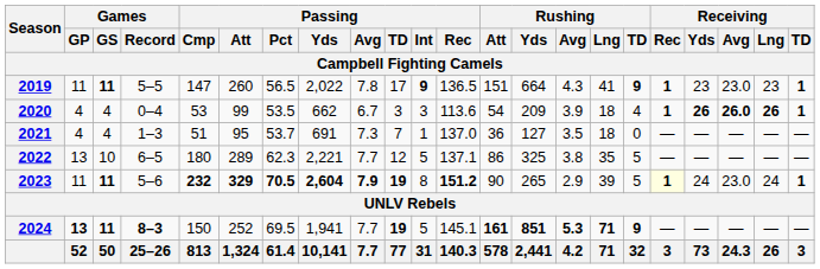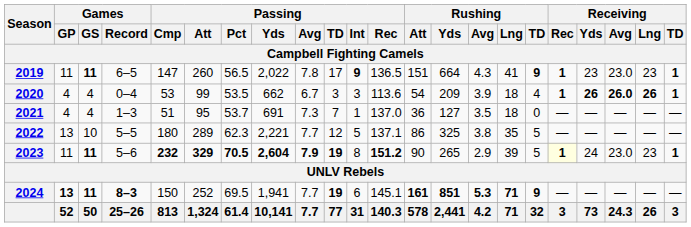 <table class="wikitable" style="text-align:center;">
 <tr>
 <th rowspan="2">Season</th>
 <th colspan="3">Games</th>
 <th colspan="8">Passing</th>
 <th colspan="5">Rushing</th>
 <th colspan="5">Receiving</th>
 </tr>
 <tr>
 <th>GP</th>
 <th>GS</th>
 <th>Record</th>
 <th>Cmp</th>
 <th>Att</th>
 <th>Pct</th>
 <th>Yds</th>
 <th>Avg</th>
 <th>TD</th>
 <th>Int</th>
 <th>Rec</th>
 <th>Att</th>
 <th>Yds</th>
 <th>Avg</th>
 <th>Lng</th>
 <th>TD</th>
 <th>Rec</th>
 <th>Yds</th>
 <th>Avg</th>
 <th>Lng</th>
 <th>TD</th>
 </tr>
 <tr>
 <th colspan="22">Campbell Fighting Camels</th>
 </tr>
 <tr>
 <th><a href='#'>2019</a></th>
 <td>11</td>
 <td><strong>11</strong></td>
-<td>5–5</td>
+<td>6–5</td>
 <td>147</td>
 <td>260</td>
 <td>56.5</td>
 <td>2,022</td>
 <td>7.8</td>
 <td>17</td>
 <td><strong>9</strong></td>
 <td>136.5</td>
 <td>151</td>
 <td>664</td>
 <td>4.3</td>
 <td>41</td>
 <td><strong>9</strong></td>
 <td><strong>1</strong></td>
 <td>23</td>
 <td>23.0</td>
 <td>23</td>
 <td><strong>1</strong></td>
 </tr>
 <tr>
 <th><a href='#'>2020</a></th>
 <td>4</td>
 <td>4</td>
 <td>0–4</td>
 <td>53</td>
 <td>99</td>
 <td>53.5</td>
 <td>662</td>
 <td>6.7</td>
 <td>3</td>
 <td>3</td>
 <td>113.6</td>
 <td>54</td>
 <td>209</td>
 <td>3.9</td>
 <td>18</td>
 <td>4</td>
 <td><strong>1</strong></td>
 <td><strong>26</strong></td>
 <td><strong>26.0</strong></td>
 <td><strong>26</strong></td>
 <td><strong>1</strong></td>
 </tr>
 <tr>
 <th><a href='#'>2021</a></th>
 <td>4</td>
 <td>4</td>
 <td>1–3</td>
 <td>51</td>
 <td>95</td>
 <td>53.7</td>
 <td>691</td>
 <td>7.3</td>
 <td>7</td>
 <td>1</td>
 <td>137.0</td>
 <td>36</td>
 <td>127</td>
 <td>3.5</td>
 <td>18</td>
 <td>0</td>
 <td>—</td>
 <td>—</td>
 <td>—</td>
 <td>—</td>
 <td>—</td>
 </tr>
 <tr>
 <th><a href='#'>2022</a></th>
 <td>13</td>
 <td>10</td>
-<td>6–5</td>
+<td>5–5</td>
 <td>180</td>
 <td>289</td>
 <td>62.3</td>
 <td>2,221</td>
 <td>7.7</td>
 <td>12</td>
 <td>5</td>
 <td>137.1</td>
 <td>86</td>
 <td>325</td>
 <td>3.8</td>
 <td>35</td>
 <td>5</td>
 <td>—</td>
 <td>—</td>
 <td>—</td>
 <td>—</td>
 <td>—</td>
 </tr>
 <tr>
 <th><a href='#'>2023</a></th>
 <td>11</td>
 <td><strong>11</strong></td>
 <td>5–6</td>
 <td><strong>232</strong></td>
 <td><strong>329</strong></td>
 <td><strong>70.5</strong></td>
 <td><strong>2,604</strong></td>
 <td><strong>7.9</strong></td>
 <td><strong>19</strong></td>
 <td>8</td>
 <td><strong>151.2</strong></td>
 <td>90</td>
 <td>265</td>
 <td>2.9</td>
 <td>39</td>
 <td>5</td>
 <td style="background: lightyellow;"><strong>1</strong></td>
 <td>24</td>
 <td>23.0</td>
-<td>24</td>
+<td>23</td>
 <td><strong>1</strong></td>
 </tr>
 <tr>
 <th colspan="22">UNLV Rebels</th>
 </tr>
 <tr>
 <th><a href='#'>2024</a></th>
 <td><strong>13</strong></td>
 <td><strong>11</strong></td>
 <td><strong>8–3</strong></td>
 <td>150</td>
 <td>252</td>
 <td>69.5</td>
 <td>1,941</td>
 <td>7.7</td>
 <td><strong>19</strong></td>
-<td>5</td>
+<td>6</td>
 <td>145.1</td>
 <td><strong>161</strong></td>
 <td><strong>851</strong></td>
 <td><strong>5.3</strong></td>
 <td><strong>71</strong></td>
 <td><strong>9</strong></td>
 <td>—</td>
 <td>—</td>
 <td>—</td>
 <td>—</td>
 <td>—</td>
 </tr>
 <tr>
 <th></th>
 <th>52</th>
 <th>50</th>
 <th>25–26</th>
 <th>813</th>
 <th>1,324</th>
 <th>61.4</th>
 <th>10,141</th>
 <th>7.7</th>
 <th>77</th>
 <th>31</th>
 <th>140.3</th>
 <th>578</th>
 <th>2,441</th>
 <th>4.2</th>
 <th>71</th>
 <th>32</th>
 <th>3</th>
 <th>73</th>
 <th>24.3</th>
 <th>26</th>
 <th>3</th>
 </tr>
 </table>
